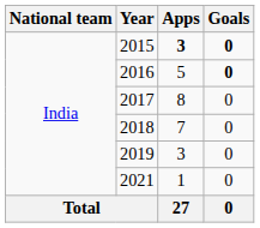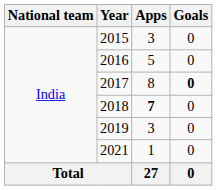 <table class="wikitable" style="text-align: center;">
 <tr>
 <th>National team</th>
 <th>Year</th>
 <th>Apps</th>
 <th>Goals</th>
 </tr>
 <tr>
 <td rowspan="6"><a href='#'>India</a></td>
 <td>2015</td>
-<td><strong>3</strong></td>
-<td><strong>0</strong></td>
+<td>3</td>
+<td>0</td>
 </tr>
 <tr>
 <td>2016</td>
 <td>5</td>
-<td><strong>0</strong></td>
+<td>0</td>
 </tr>
 <tr>
 <td>2017</td>
 <td>8</td>
-<td>0</td>
+<td><strong>0</strong></td>
 </tr>
 <tr>
 <td>2018</td>
-<td>7</td>
+<td><strong>7</strong></td>
 <td>0</td>
 </tr>
 <tr>
 <td>2019</td>
 <td>3</td>
 <td>0</td>
 </tr>
 <tr>
 <td>2021</td>
 <td>1</td>
 <td>0</td>
 </tr>
 <tr>
 <th colspan="2">Total</th>
 <th>27</th>
 <th>0</th>
 </tr>
 </table>
